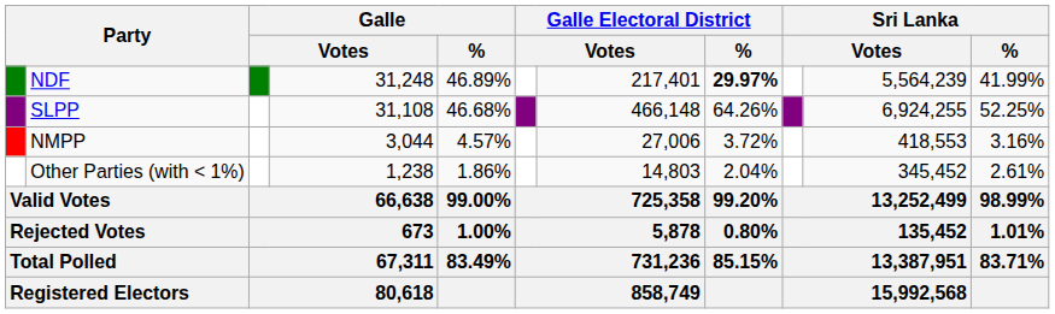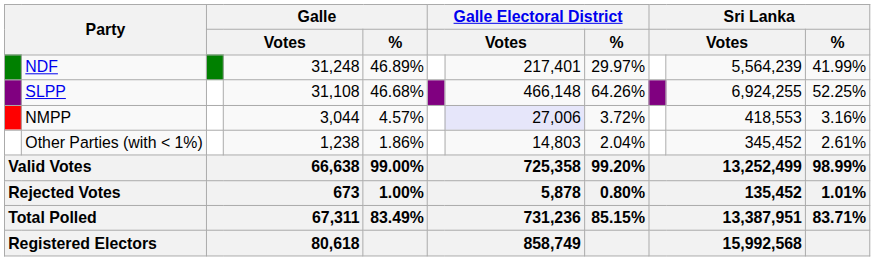 <table class="wikitable">
 <tr>
 <th colspan="2" width="144px"rowspan="2">Party</th>
 <th colspan="3" width="216px">Galle</th>
 <th colspan="3" width="216px"><a href='#'>Galle Electoral District</a></th>
 <th colspan="3" width="216px">Sri Lanka</th>
 </tr>
 <tr>
 <th colspan="2" width="144px">Votes</th>
 <th>%</th>
 <th colspan="2" width="144px">Votes</th>
 <th>%</th>
 <th colspan="2" width="144px">Votes</th>
 <th>%</th>
 </tr>
 <tr>
 <td style="background-color:green;" width="10px"></td>
 <td style="text-align:left;"><a href='#'>NDF</a></td>
 <td style="background-color:green;" width="10px"></td>
 <td style="text-align:right;">31,248</td>
 <td style="text-align:right;">46.89%</td>
 <td style="background-color:white;" width="10px"></td>
 <td style="text-align:right;">217,401</td>
-<td style="text-align:right;"><strong>29.97%</strong></td>
+<td style="text-align:right;">29.97%</td>
 <td style="background-color:white;" width="10px"></td>
 <td style="text-align:right;">5,564,239</td>
 <td style="text-align:right;">41.99%</td>
 </tr>
 <tr>
 <td style="background-color:purple;" width="10px"></td>
 <td style="text-align:left;"><a href='#'>SLPP</a></td>
 <td style="background-color:white;" width="10px"></td>
 <td style="text-align:right;">31,108</td>
 <td style="text-align:right;">46.68%</td>
 <td style="background-color:purple;" width="10px"></td>
 <td style="text-align:right;">466,148</td>
 <td style="text-align:right;">64.26%</td>
 <td style="background-color:purple;" width="10px"></td>
 <td style="text-align:right;">6,924,255</td>
 <td style="text-align:right;">52.25%</td>
 </tr>
 <tr>
 <td style="background-color:red;" width="10px"></td>
 <td style="text-align:left;">NMPP</td>
 <td style="background-color:white;" width="10px"></td>
 <td style="text-align:right;">3,044</td>
 <td style="text-align:right;">4.57%</td>
 <td style="background-color:white;" width="10px"></td>
-<td style="text-align:right;">27,006</td>
+<td style="background: lavender; text-align:right;">27,006</td>
 <td style="text-align:right;">3.72%</td>
 <td style="background-color:white;" width="10px"></td>
 <td style="text-align:right;">418,553</td>
 <td style="text-align:right;">3.16%</td>
 </tr>
 <tr>
 <td style="background-color:white;" width="10px"></td>
 <td style="text-align:left;">Other Parties (with < 1%)</td>
 <td style="background-color:white;" width="10px"></td>
 <td style="text-align:right;">1,238</td>
 <td style="text-align:right;">1.86%</td>
 <td style="background-color:white;" width="10px"></td>
 <td style="text-align:right;">14,803</td>
 <td style="text-align:right;">2.04%</td>
 <td style="background-color:white;" width="10px"></td>
 <td style="text-align:right;">345,452</td>
 <td style="text-align:right;">2.61%</td>
 </tr>
 <tr>
 <th colspan="2" width="144px"style="text-align:left;">Valid Votes</th>
 <th style="text-align:right;"colspan="2" width="144px">66,638</th>
 <th style="text-align:right;">99.00%</th>
 <th style="text-align:right;"colspan="2" width="144px">725,358</th>
 <th style="text-align:right;">99.20%</th>
 <th style="text-align:right;"colspan="2" width="144px">13,252,499</th>
 <th style="text-align:right;">98.99%</th>
 </tr>
 <tr>
 <th colspan="2" width="144px"style="text-align:left;">Rejected Votes</th>
 <th style="text-align:right;"colspan="2" width="144px">673</th>
 <th style="text-align:right;">1.00%</th>
 <th style="text-align:right;"colspan="2" width="144px">5,878</th>
 <th style="text-align:right;">0.80%</th>
 <th style="text-align:right;"colspan="2" width="144px">135,452</th>
 <th style="text-align:right;">1.01%</th>
 </tr>
 <tr>
 <th colspan="2" width="144px"style="text-align:left;">Total Polled</th>
 <th style="text-align:right;"colspan="2" width="144px">67,311</th>
 <th style="text-align:right;">83.49%</th>
 <th style="text-align:right;"colspan="2" width="144px">731,236</th>
 <th style="text-align:right;">85.15%</th>
 <th style="text-align:right;"colspan="2" width="144px">13,387,951</th>
 <th style="text-align:right;">83.71%</th>
 </tr>
 <tr>
 <th colspan="2" width="144px"style="text-align:left;">Registered Electors</th>
 <th style="text-align:right;"colspan="2" width="144px">80,618</th>
 <th></th>
 <th style="text-align:right;"colspan="2" width="144px">858,749</th>
 <th></th>
 <th style="text-align:right;"colspan="2" width="144px">15,992,568</th>
 <th></th>
 </tr>
 </table>
